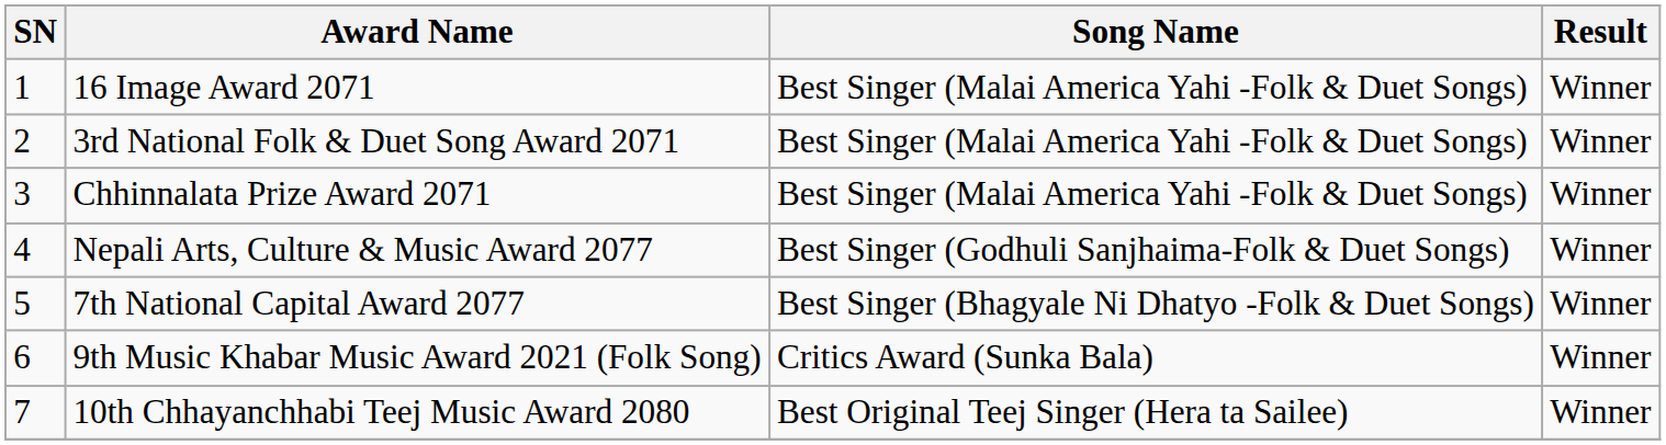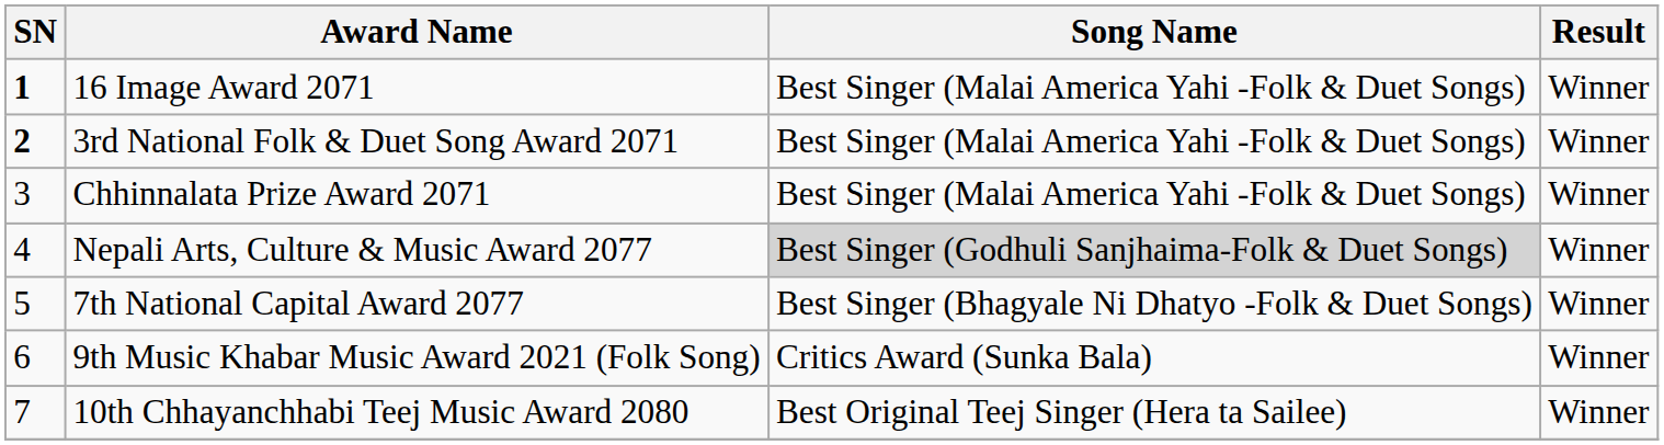 <table class="wikitable">
 <tr>
 <th>SN</th>
 <th>Award Name</th>
 <th>Song Name</th>
 <th>Result</th>
 </tr>
 <tr>
-<td>1</td>
+<td><strong>1</strong></td>
 <td>16 Image Award 2071</td>
 <td>Best Singer (Malai America Yahi -Folk & Duet Songs)</td>
 <td>Winner</td>
 </tr>
 <tr>
-<td>2</td>
+<td><strong>2</strong></td>
 <td>3rd National Folk & Duet Song Award 2071</td>
 <td>Best Singer (Malai America Yahi -Folk & Duet Songs)</td>
 <td>Winner</td>
 </tr>
 <tr>
 <td>3</td>
 <td>Chhinnalata Prize Award 2071</td>
 <td>Best Singer (Malai America Yahi -Folk & Duet Songs)</td>
 <td>Winner</td>
 </tr>
 <tr>
 <td>4</td>
 <td>Nepali Arts, Culture & Music Award 2077</td>
-<td>Best Singer (Godhuli Sanjhaima-Folk & Duet Songs)</td>
+<td style="background: lightgrey;">Best Singer (Godhuli Sanjhaima-Folk & Duet Songs)</td>
 <td>Winner</td>
 </tr>
 <tr>
 <td>5</td>
 <td>7th National Capital Award 2077</td>
 <td>Best Singer (Bhagyale Ni Dhatyo -Folk & Duet Songs)</td>
 <td>Winner</td>
 </tr>
 <tr>
 <td>6</td>
 <td>9th Music Khabar Music Award 2021 (Folk Song)</td>
 <td>Critics Award (Sunka Bala)</td>
 <td>Winner</td>
 </tr>
 <tr>
 <td>7</td>
 <td>10th Chhayanchhabi Teej Music Award 2080</td>
 <td>Best Original Teej Singer (Hera ta Sailee)</td>
 <td>Winner</td>
 </tr>
 <tr>
 </tr>
 </table>
